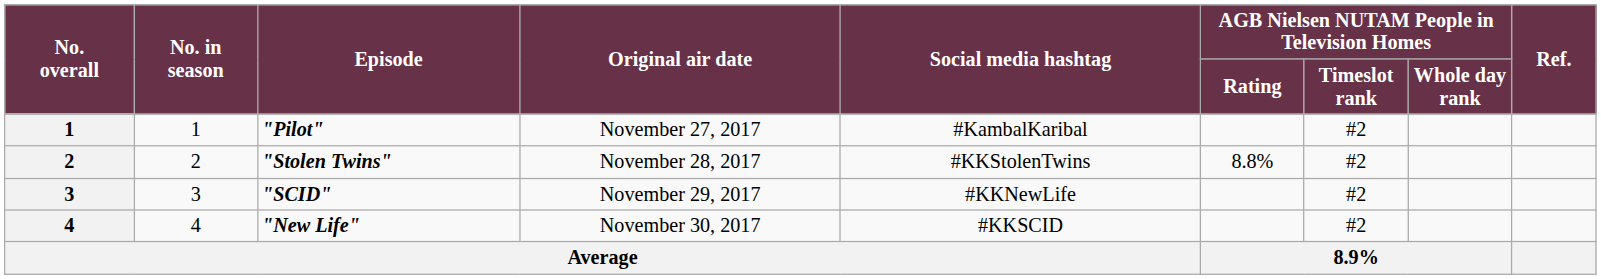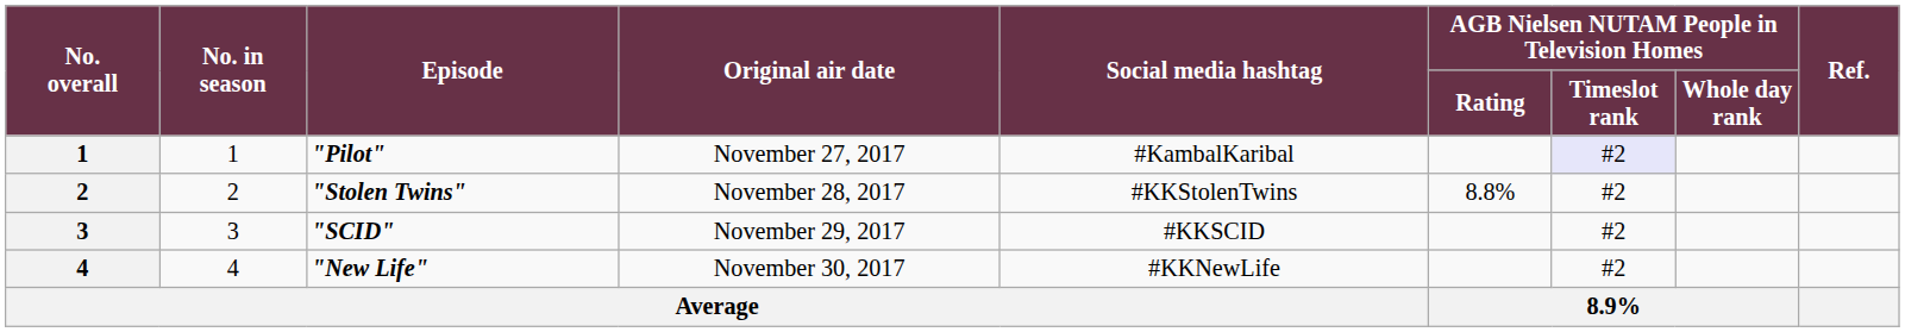 <table class="wikitable" style="text-align:center; font-size:100%; line-height:18px;" width="100%">
 <tr>
 <th style="background-color:#673147; color:#ffffff;" rowspan="2">No.<br>overall</th>
 <th style="background-color:#673147; color:#ffffff;" rowspan="2">No. in<br>season</th>
 <th style="background-color:#673147; color:#ffffff;" rowspan="2">Episode</th>
 <th style="background-color:#673147; color:white" rowspan="2">Original air date</th>
 <th style="background-color:#673147; color:white" rowspan="2">Social media hashtag</th>
 <th style="background-color:#673147; color:#ffffff;" colspan="3">AGB Nielsen NUTAM People in Television Homes</th>
 <th style="background-color:#673147;  color:#ffffff;" rowspan="2">Ref.</th>
 </tr>
 <tr>
 <th style="background-color:#673147; width:75px; color:#ffffff;">Rating</th>
 <th style="background-color:#673147; width:75px; color:#ffffff;">Timeslot<br>rank</th>
 <th style="background-color:#673147; width:75px; color:#ffffff;">Whole day<br>rank</th>
 </tr>
 <tr>
 <th>1</th>
 <td>1</td>
 <td style="text-align: left;"><strong><em>"Pilot"</em></strong></td>
 <td>November 27, 2017</td>
 <td>#KambalKaribal</td>
 <td></td>
-<td>#2</td>
+<td style="background: lavender;">#2</td>
 <td></td>
 <td></td>
 </tr>
 <tr>
 <th>2</th>
 <td>2</td>
 <td style="text-align: left;"><strong><em>"Stolen Twins"</em></strong></td>
 <td>November 28, 2017</td>
 <td>#KKStolenTwins</td>
 <td>8.8%</td>
 <td>#2</td>
 <td></td>
 <td></td>
 </tr>
 <tr>
 <th>3</th>
 <td>3</td>
 <td style="text-align: left;"><strong><em>"SCID"</em></strong></td>
 <td>November 29, 2017</td>
-<td>#KKNewLife</td>
+<td>#KKSCID</td>
 <td></td>
 <td>#2</td>
 <td></td>
 <td></td>
 </tr>
 <tr>
 <th>4</th>
 <td>4</td>
 <td style="text-align: left;"><strong><em>"New Life"</em></strong></td>
 <td>November 30, 2017</td>
-<td>#KKSCID</td>
+<td>#KKNewLife</td>
 <td></td>
 <td>#2</td>
 <td></td>
 <td></td>
 </tr>
 <tr>
 <th colspan="5">Average</th>
 <th colspan="3">8.9%</th>
 <th></th>
 </tr>
 </table>
